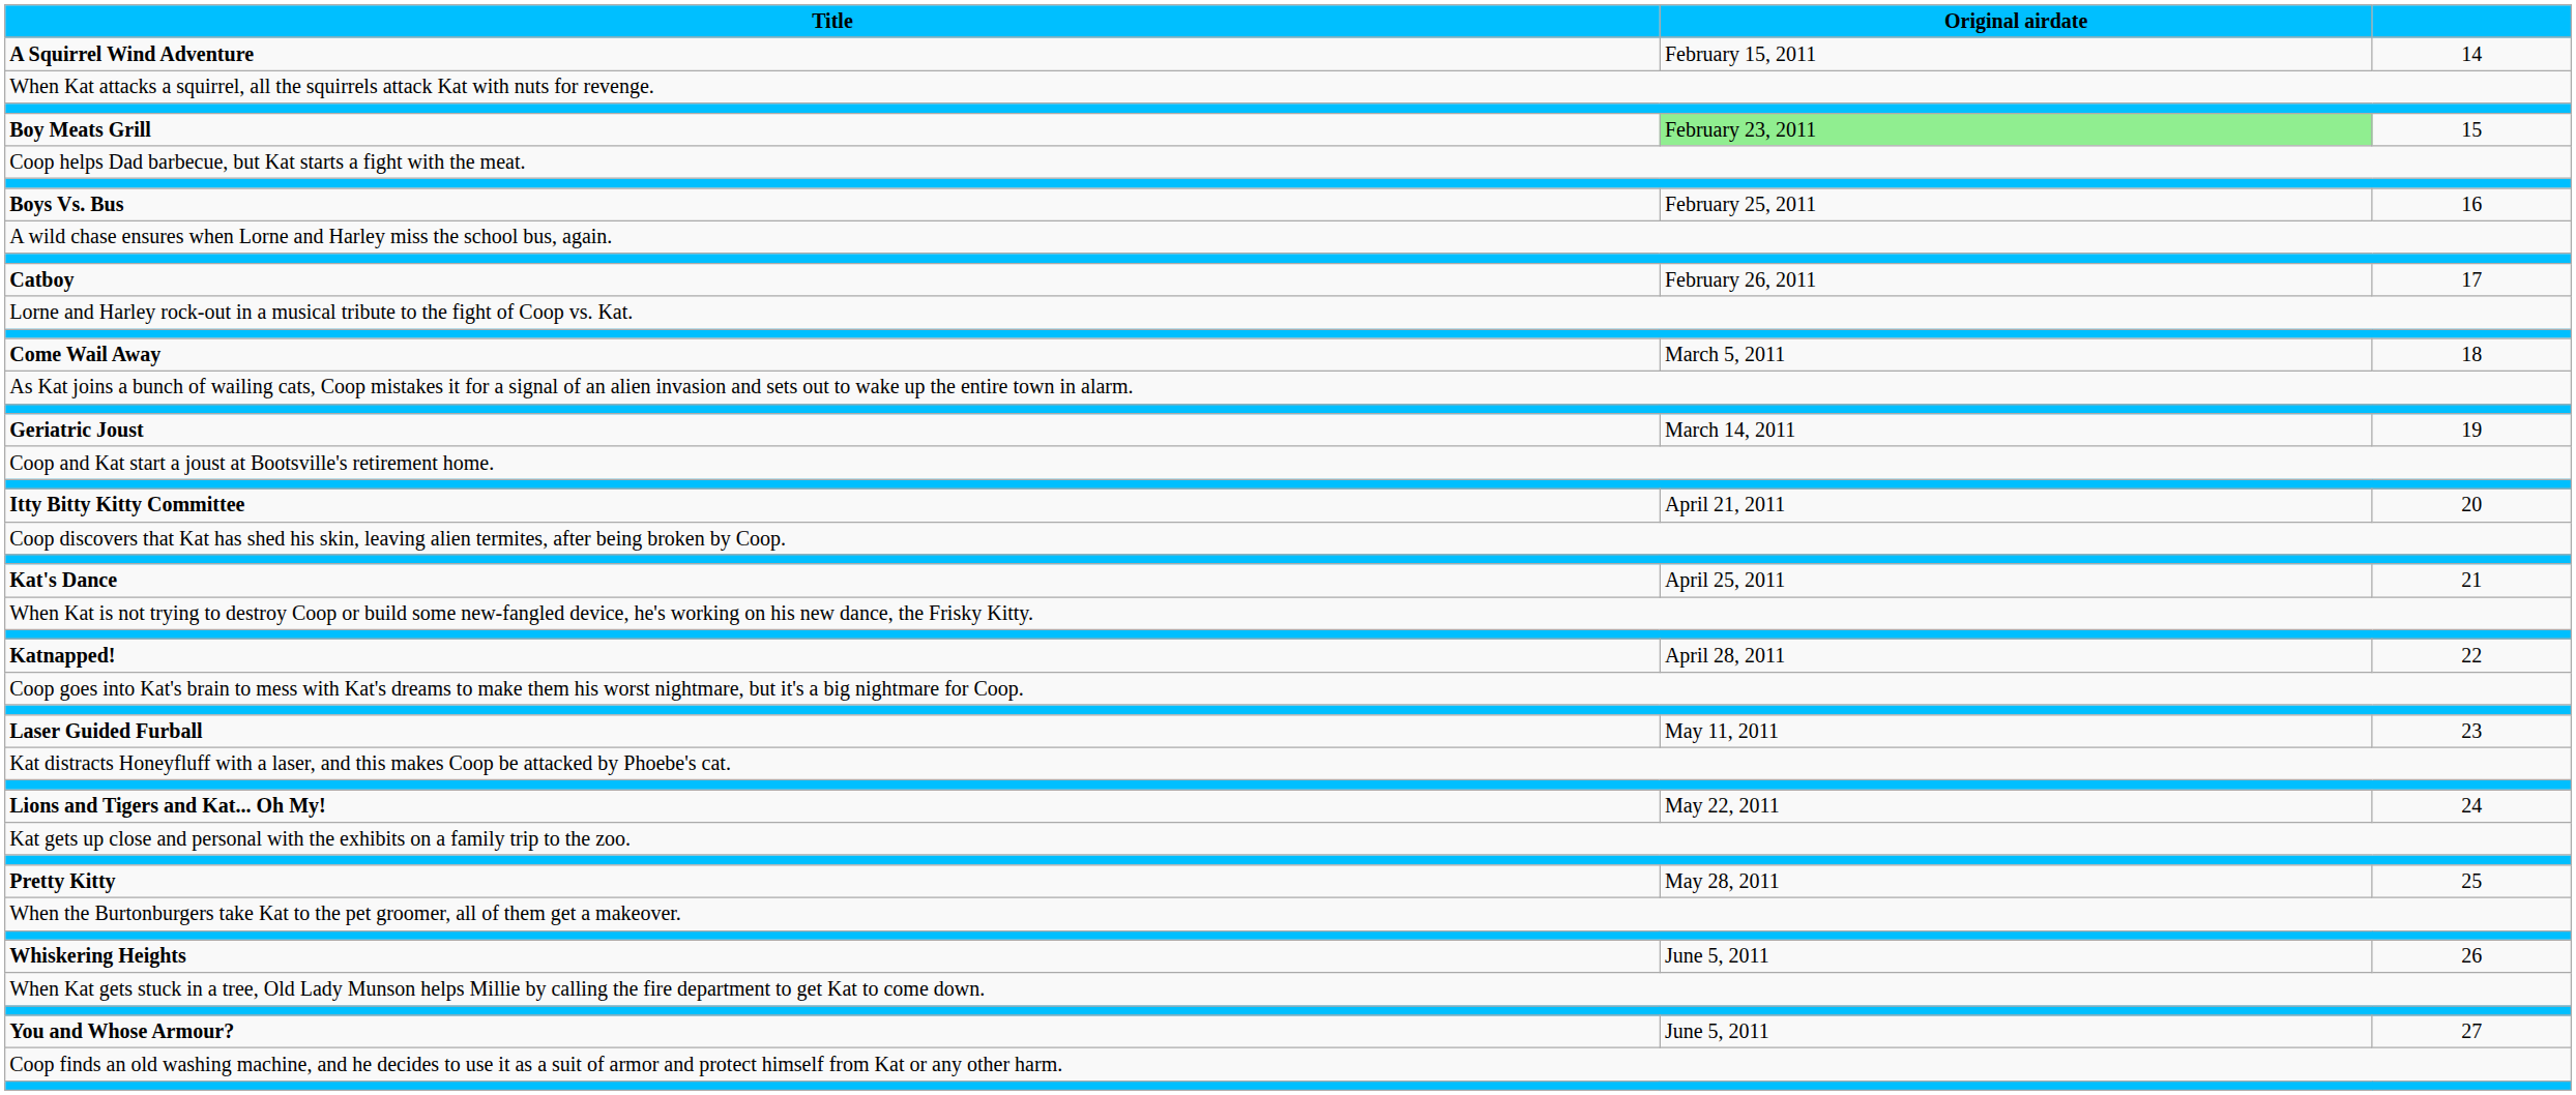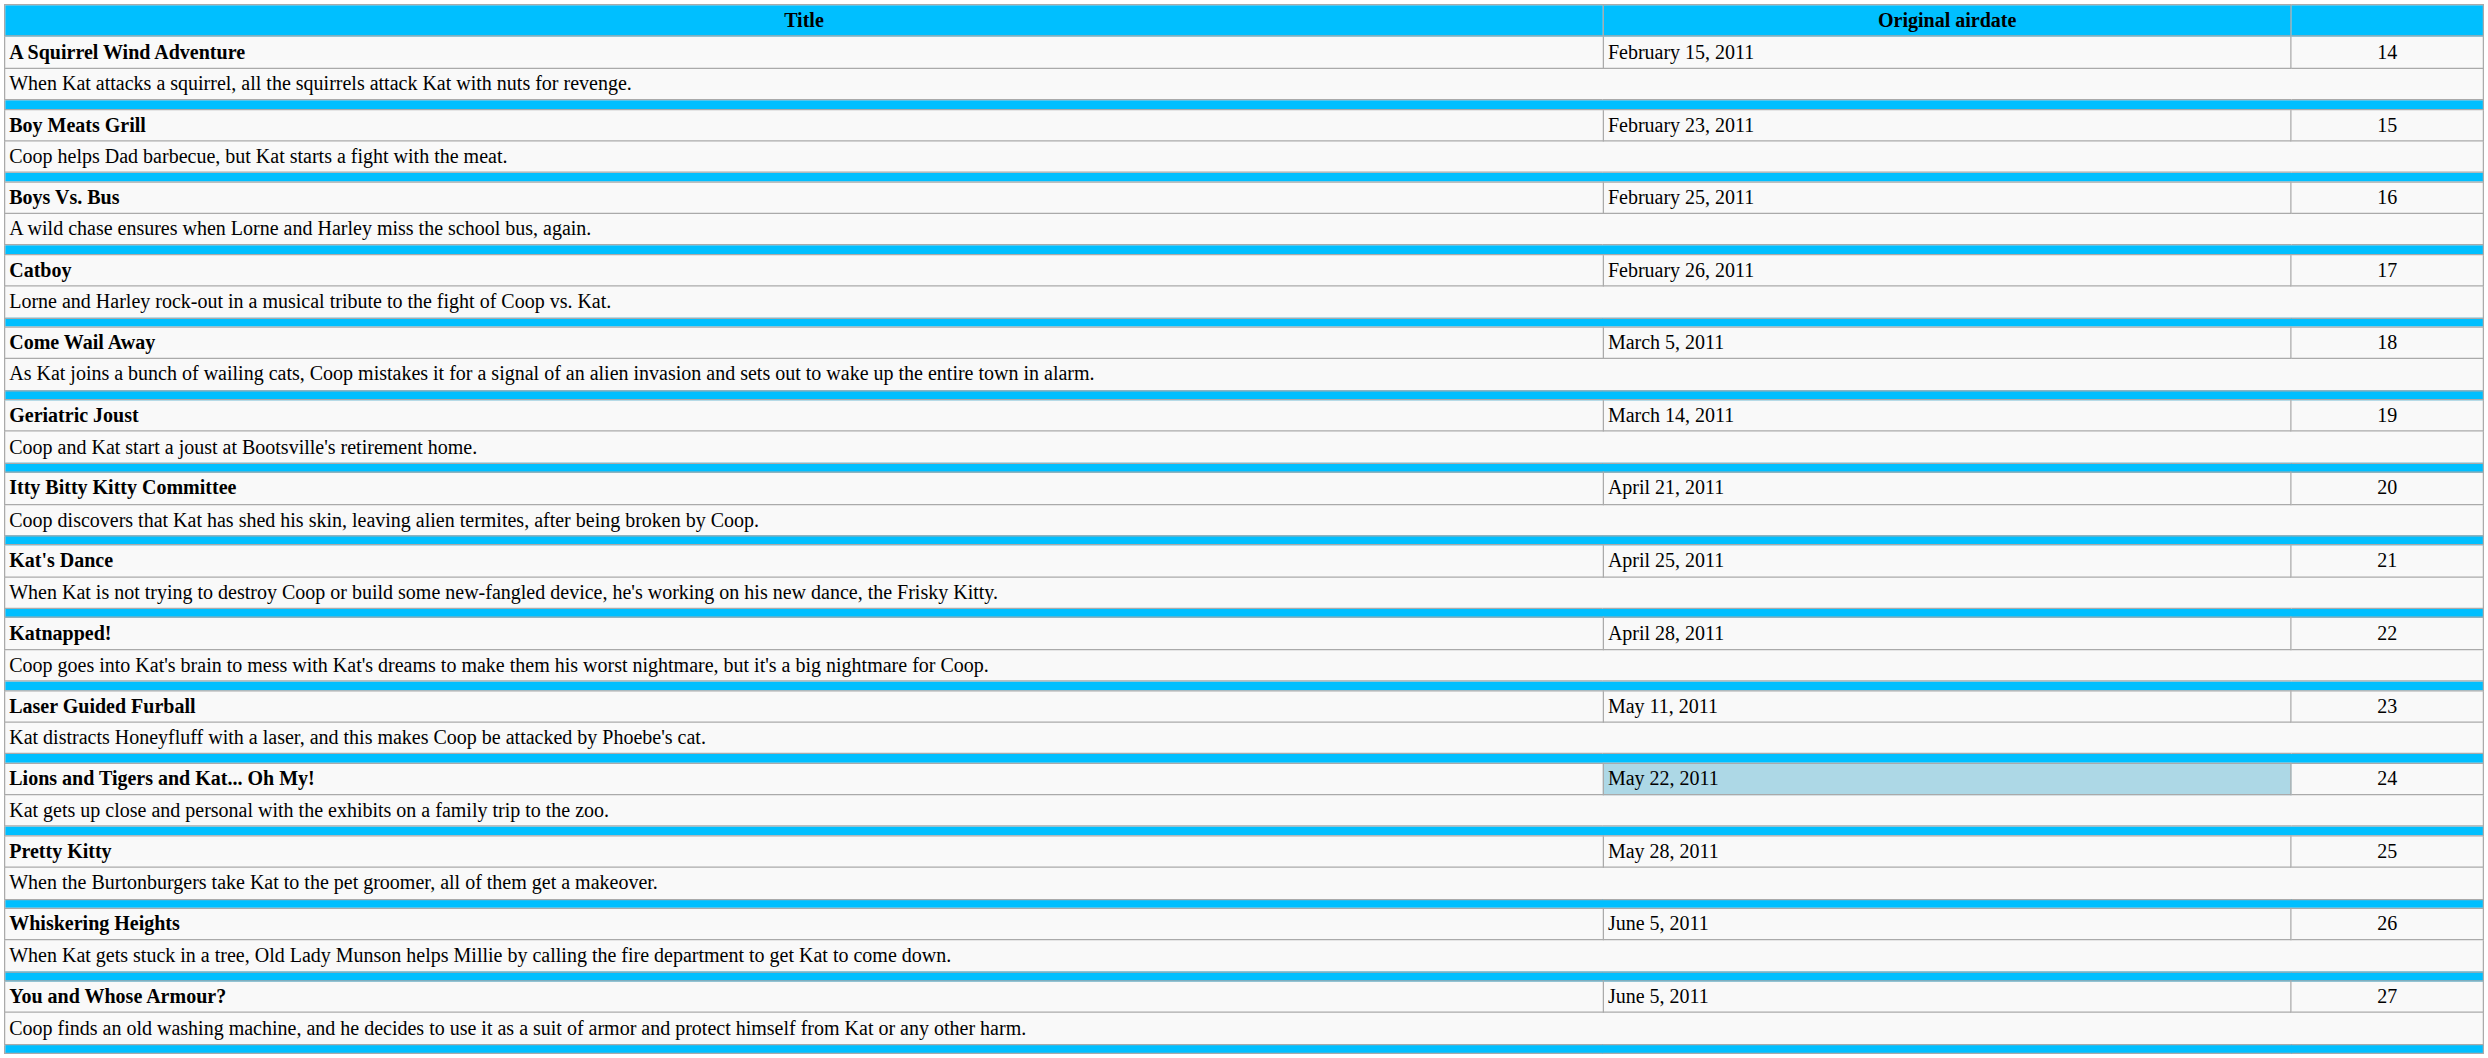 <table class="wikitable" width="100%">
 <tr>
 <th width="370" style="background:#00bfff">Title</th>
 <th width="155" style="background:#00bfff">Original airdate</th>
 <th width="38" style="background:#00bfff"></th>
 </tr>
 <tr>
 <td><strong>A Squirrel Wind Adventure</strong></td>
 <td>February 15, 2011</td>
 <td align="center">14</td>
 </tr>
 <tr>
 <td colspan="6">When Kat attacks a squirrel, all the squirrels attack Kat with nuts for revenge.</td>
 </tr>
 <tr>
 <td colspan="4" bgcolor="#00bfff"></td>
 </tr>
 <tr>
 <td><strong>Boy Meats Grill</strong></td>
-<td style="background: lightgreen;">February 23, 2011</td>
+<td>February 23, 2011</td>
 <td align="center">15</td>
 </tr>
 <tr>
 <td colspan="6">Coop helps Dad barbecue, but Kat starts a fight with the meat.</td>
 </tr>
 <tr>
 <td colspan="4" bgcolor="#00bfff"></td>
 </tr>
 <tr>
 <td><strong>Boys Vs. Bus</strong></td>
 <td>February 25, 2011</td>
 <td align="center">16</td>
 </tr>
 <tr>
 <td colspan="6">A wild chase ensures when Lorne and Harley miss the school bus, again.</td>
 </tr>
 <tr>
 <td colspan="4" bgcolor="#00bfff"></td>
 </tr>
 <tr>
 <td><strong>Catboy</strong></td>
 <td>February 26, 2011</td>
 <td align="center">17</td>
 </tr>
 <tr>
 <td colspan="6">Lorne and Harley rock-out in a musical tribute to the fight of Coop vs. Kat.</td>
 </tr>
 <tr>
 <td colspan="4" bgcolor="#00bfff"></td>
 </tr>
 <tr>
 <td><strong>Come Wail Away</strong></td>
 <td>March 5, 2011</td>
 <td align="center">18</td>
 </tr>
 <tr>
 <td colspan="6">As Kat joins a bunch of wailing cats, Coop mistakes it for a signal of an alien invasion and sets out to wake up the entire town in alarm.</td>
 </tr>
 <tr>
 <td colspan="4" bgcolor="#00bfff"></td>
 </tr>
 <tr>
 <td><strong>Geriatric Joust</strong></td>
 <td>March 14, 2011</td>
 <td align="center">19</td>
 </tr>
 <tr>
 <td colspan="6">Coop and Kat start a joust at Bootsville's retirement home.</td>
 </tr>
 <tr>
 <td colspan="4" bgcolor="#00bfff"></td>
 </tr>
 <tr>
 <td><strong>Itty Bitty Kitty Committee</strong></td>
 <td>April 21, 2011</td>
 <td align="center">20</td>
 </tr>
 <tr>
 <td colspan="6">Coop discovers that Kat has shed his skin, leaving alien termites, after being broken by Coop.</td>
 </tr>
 <tr>
 <td colspan="4" bgcolor="#00bfff"></td>
 </tr>
 <tr>
 <td><strong>Kat's Dance</strong></td>
 <td>April 25, 2011</td>
 <td align="center">21</td>
 </tr>
 <tr>
 <td colspan="6">When Kat is not trying to destroy Coop or build some new-fangled device, he's working on his new dance, the Frisky Kitty.</td>
 </tr>
 <tr>
 <td colspan="4" bgcolor="#00bfff"></td>
 </tr>
 <tr>
 <td><strong>Katnapped!</strong></td>
 <td>April 28, 2011</td>
 <td align="center">22</td>
 </tr>
 <tr>
 <td colspan="6">Coop goes into Kat's brain to mess with Kat's dreams to make them his worst nightmare, but it's a big nightmare for Coop.</td>
 </tr>
 <tr>
 <td colspan="4" bgcolor="#00bfff"></td>
 </tr>
 <tr>
 <td><strong>Laser Guided Furball</strong></td>
 <td>May 11, 2011</td>
 <td align="center">23</td>
 </tr>
 <tr>
 <td colspan="6">Kat distracts Honeyfluff with a laser, and this makes Coop be attacked by Phoebe's cat.</td>
 </tr>
 <tr>
 <td colspan="4" bgcolor="#00bfff"></td>
 </tr>
 <tr>
 <td><strong>Lions and Tigers and Kat... Oh My!</strong></td>
-<td>May 22, 2011</td>
+<td style="background: lightblue;">May 22, 2011</td>
 <td align="center">24</td>
 </tr>
 <tr>
 <td colspan="6">Kat gets up close and personal with the exhibits on a family trip to the zoo.</td>
 </tr>
 <tr>
 <td colspan="4" bgcolor="#00bfff"></td>
 </tr>
 <tr>
 <td><strong>Pretty Kitty</strong></td>
 <td>May 28, 2011</td>
 <td align="center">25</td>
 </tr>
 <tr>
 <td colspan="6">When the Burtonburgers take Kat to the pet groomer, all of them get a makeover.</td>
 </tr>
 <tr>
 <td colspan="4" bgcolor="#00bfff"></td>
 </tr>
 <tr>
 <td><strong>Whiskering Heights</strong></td>
 <td>June 5, 2011</td>
 <td align="center">26</td>
 </tr>
 <tr>
 <td colspan="6">When Kat gets stuck in a tree, Old Lady Munson helps Millie by calling the fire department to get Kat to come down.</td>
 </tr>
 <tr>
 <td colspan="4" bgcolor="#00bfff"></td>
 </tr>
 <tr>
 <td><strong>You and Whose Armour?</strong></td>
 <td>June 5, 2011</td>
 <td align="center">27</td>
 </tr>
 <tr>
 <td colspan="6">Coop finds an old washing machine, and he decides to use it as a suit of armor and protect himself from Kat or any other harm.</td>
 </tr>
 <tr>
 <td colspan="4" bgcolor="#00bfff"></td>
 </tr>
 </table>
